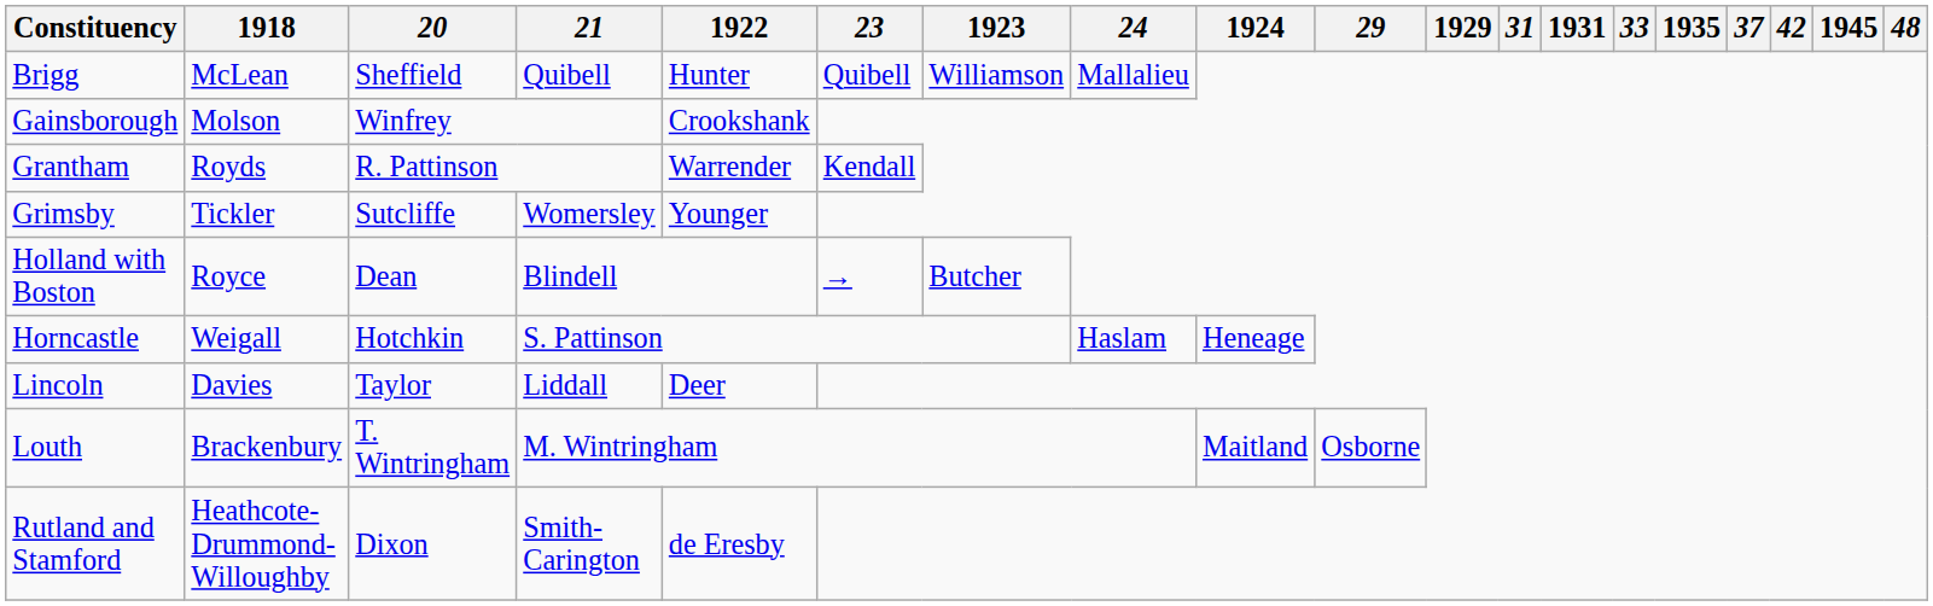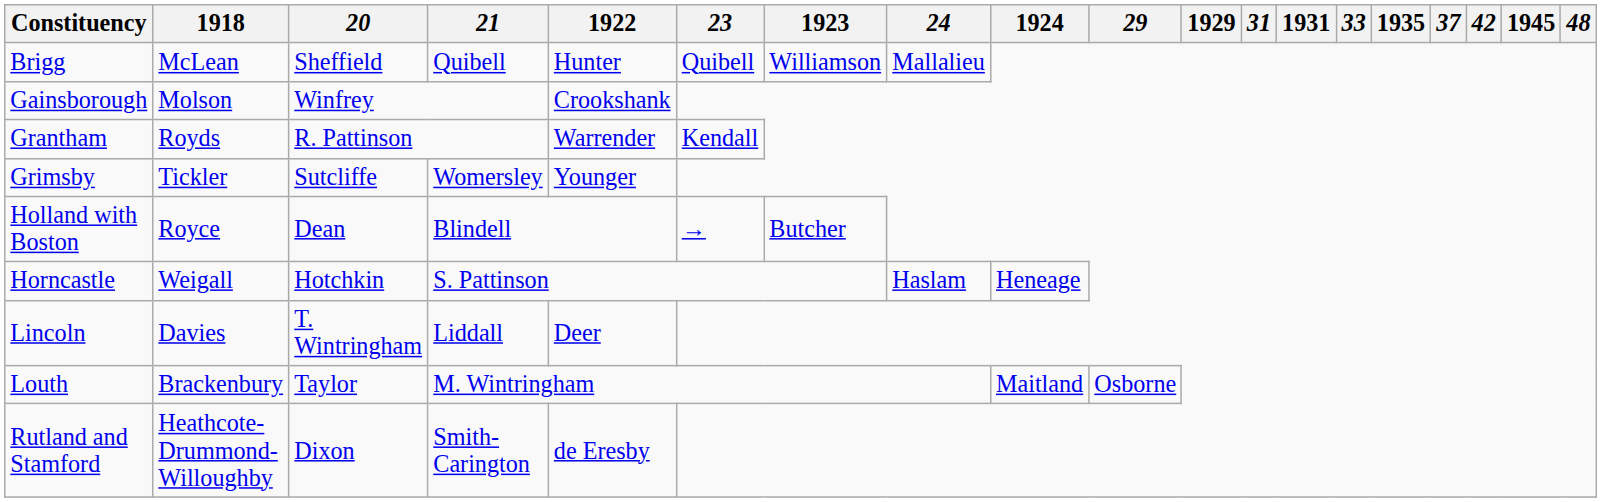 <table class="wikitable">
 <tr>
 <th>Constituency</th>
 <th>1918</th>
 <th><em>20</em></th>
 <th><em>21</em></th>
 <th>1922</th>
 <th><em>23</em></th>
 <th>1923</th>
 <th><em>24</em></th>
 <th>1924</th>
 <th><em>29</em></th>
 <th>1929</th>
 <th><em>31</em></th>
 <th>1931</th>
 <th><em>33</em></th>
 <th>1935</th>
 <th><em>37</em></th>
 <th><em>42</em></th>
 <th>1945</th>
 <th><em>48</em></th>
 </tr>
 <tr>
 <td><a href='#'>Brigg</a></td>
 <td><a href='#'>McLean</a></td>
 <td><a href='#'>Sheffield</a></td>
 <td><a href='#'>Quibell</a></td>
 <td><a href='#'>Hunter</a></td>
 <td><a href='#'>Quibell</a></td>
 <td><a href='#'>Williamson</a></td>
 <td><a href='#'>Mallalieu</a></td>
 </tr>
 <tr>
 <td><a href='#'>Gainsborough</a></td>
 <td><a href='#'>Molson</a></td>
 <td colspan="2"><a href='#'>Winfrey</a></td>
 <td><a href='#'>Crookshank</a></td>
 </tr>
 <tr>
 <td><a href='#'>Grantham</a></td>
 <td><a href='#'>Royds</a></td>
 <td colspan="2"><a href='#'>R. Pattinson</a></td>
 <td><a href='#'>Warrender</a></td>
 <td><a href='#'>Kendall</a></td>
 </tr>
 <tr>
 <td><a href='#'>Grimsby</a></td>
 <td><a href='#'>Tickler</a></td>
 <td><a href='#'>Sutcliffe</a></td>
 <td><a href='#'>Womersley</a></td>
 <td><a href='#'>Younger</a></td>
 </tr>
 <tr>
 <td><a href='#'>Holland with Boston</a></td>
 <td><a href='#'>Royce</a></td>
 <td><a href='#'>Dean</a></td>
 <td colspan="2"><a href='#'>Blindell</a></td>
 <td><a href='#'>→</a></td>
 <td><a href='#'>Butcher</a></td>
 </tr>
 <tr>
 <td><a href='#'>Horncastle</a></td>
 <td><a href='#'>Weigall</a></td>
 <td><a href='#'>Hotchkin</a></td>
 <td colspan="4"><a href='#'>S. Pattinson</a></td>
 <td><a href='#'>Haslam</a></td>
 <td><a href='#'>Heneage</a></td>
 </tr>
 <tr>
 <td><a href='#'>Lincoln</a></td>
 <td><a href='#'>Davies</a></td>
-<td><a href='#'>Taylor</a></td>
+<td><a href='#'>T. Wintringham</a></td>
 <td><a href='#'>Liddall</a></td>
 <td><a href='#'>Deer</a></td>
 </tr>
 <tr>
 <td><a href='#'>Louth</a></td>
 <td><a href='#'>Brackenbury</a></td>
-<td><a href='#'>T. Wintringham</a></td>
+<td><a href='#'>Taylor</a></td>
 <td colspan="5"><a href='#'>M. Wintringham</a></td>
 <td><a href='#'>Maitland</a></td>
 <td><a href='#'>Osborne</a></td>
 </tr>
 <tr>
 <td><a href='#'>Rutland and Stamford</a></td>
 <td><a href='#'>Heathcote-Drummond-Willoughby</a></td>
 <td><a href='#'>Dixon</a></td>
 <td><a href='#'>Smith-Carington</a></td>
 <td><a href='#'>de Eresby</a></td>
 </tr>
 </table>
